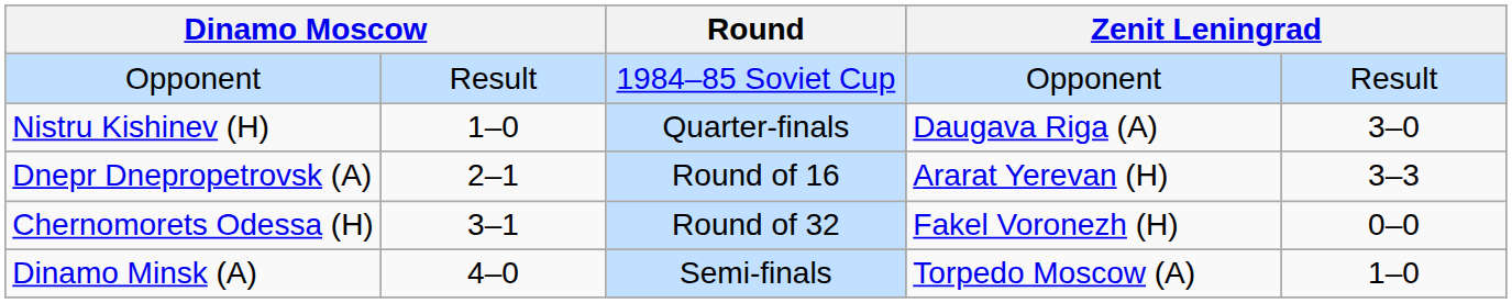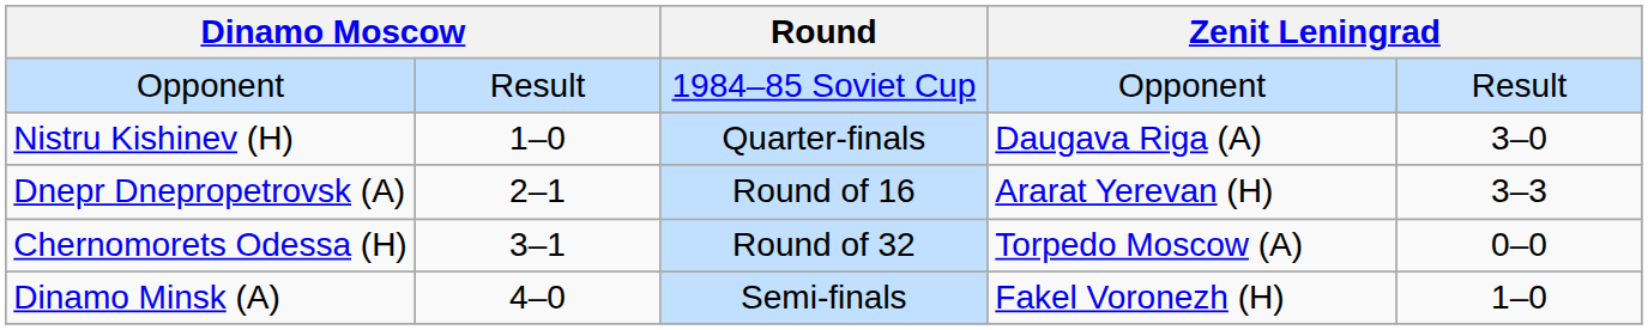 <table class="wikitable" style="text-align:center; white-space:nowrap;">
 <tr>
 <th colspan="2"><a href='#'>Dinamo Moscow</a></th>
 <th>Round</th>
 <th colspan="2"><a href='#'>Zenit Leningrad</a></th>
 </tr>
 <tr style="background:#C1E0FF;">
 <td style="width:25%;">Opponent</td>
 <td style="width:15%;">Result</td>
 <td><a href='#'>1984–85 Soviet Cup</a></td>
 <td style="width:25%;">Opponent</td>
 <td style="width:15%;">Result</td>
 </tr>
 <tr>
 <td style="text-align:left;"><a href='#'>Nistru Kishinev</a> (H)</td>
 <td>1–0</td>
 <td style="background:#C1E0FF;">Quarter-finals</td>
 <td style="text-align:left;"><a href='#'>Daugava Riga</a> (A)</td>
 <td>3–0</td>
 </tr>
 <tr>
 <td style="text-align:left;"><a href='#'>Dnepr Dnepropetrovsk</a> (A)</td>
 <td>2–1</td>
 <td style="background:#C1E0FF;">Round of 16</td>
 <td style="text-align:left;"><a href='#'>Ararat Yerevan</a> (H)</td>
 <td>3–3  </td>
 </tr>
 <tr>
 <td style="text-align:left;"><a href='#'>Chernomorets Odessa</a> (H)</td>
 <td>3–1 </td>
 <td style="background:#C1E0FF;">Round of 32</td>
-<td style="text-align:left;"><a href='#'>Fakel Voronezh</a> (H)</td>
+<td style="text-align:left;"><a href='#'>Torpedo Moscow</a> (A)</td>
 <td>0–0  </td>
 </tr>
 <tr>
 <td style="text-align:left;"><a href='#'>Dinamo Minsk</a> (A)</td>
 <td>4–0</td>
 <td style="background:#C1E0FF;">Semi-finals</td>
-<td style="text-align:left;"><a href='#'>Torpedo Moscow</a> (A)</td>
+<td style="text-align:left;"><a href='#'>Fakel Voronezh</a> (H)</td>
 <td>1–0 </td>
 </tr>
 </table>
